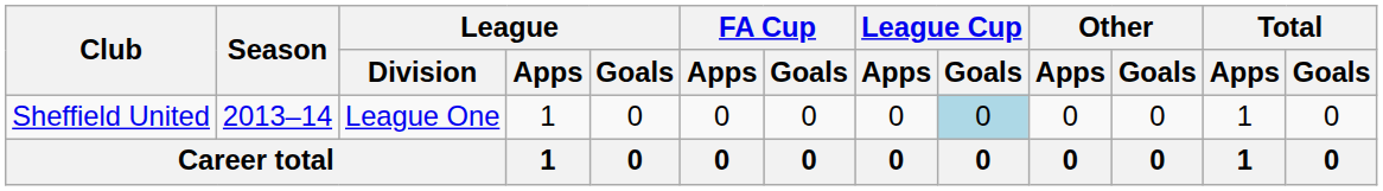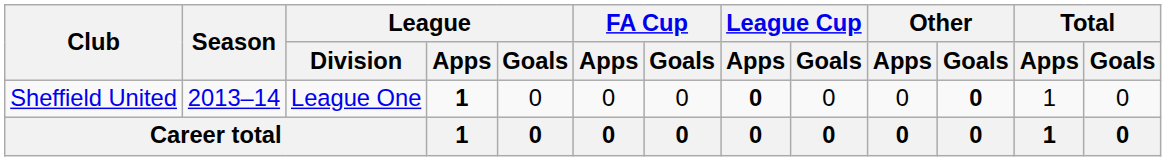 <table class="wikitable" style="text-align: center;">
 <tr>
 <th rowspan="2">Club</th>
 <th rowspan="2">Season</th>
 <th colspan="3">League</th>
 <th colspan="2"><a href='#'>FA Cup</a></th>
 <th colspan="2"><a href='#'>League Cup</a></th>
 <th colspan="2">Other</th>
 <th colspan="2">Total</th>
 </tr>
 <tr>
 <th>Division</th>
 <th>Apps</th>
 <th>Goals</th>
 <th>Apps</th>
 <th>Goals</th>
 <th>Apps</th>
 <th>Goals</th>
 <th>Apps</th>
 <th>Goals</th>
 <th>Apps</th>
 <th>Goals</th>
 </tr>
 <tr>
 <td><a href='#'>Sheffield United</a></td>
 <td><a href='#'>2013–14</a></td>
 <td><a href='#'>League One</a></td>
-<td>1</td>
+<td><strong>1</strong></td>
 <td>0</td>
 <td>0</td>
 <td>0</td>
-<td>0</td>
-<td style="background: lightblue;">0</td>
+<td><strong>0</strong></td>
 <td>0</td>
 <td>0</td>
+<td><strong>0</strong></td>
 <td>1</td>
 <td>0</td>
 </tr>
 <tr>
 <th colspan="3">Career total</th>
 <th>1</th>
 <th>0</th>
 <th>0</th>
 <th>0</th>
 <th>0</th>
 <th>0</th>
 <th>0</th>
 <th>0</th>
 <th>1</th>
 <th>0</th>
 </tr>
 </table>
